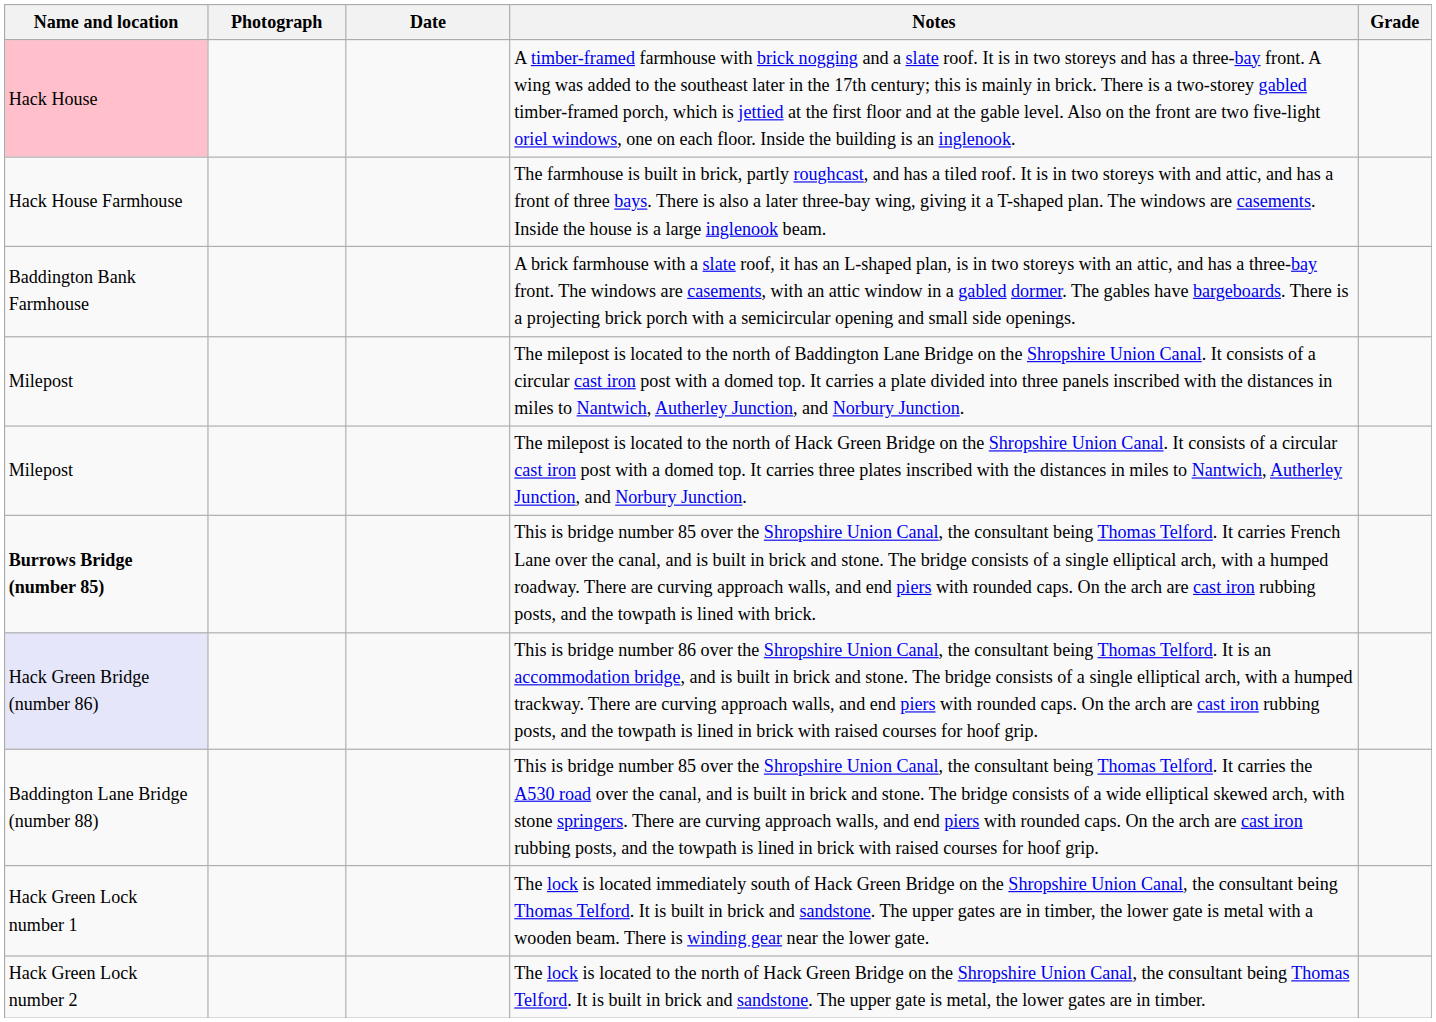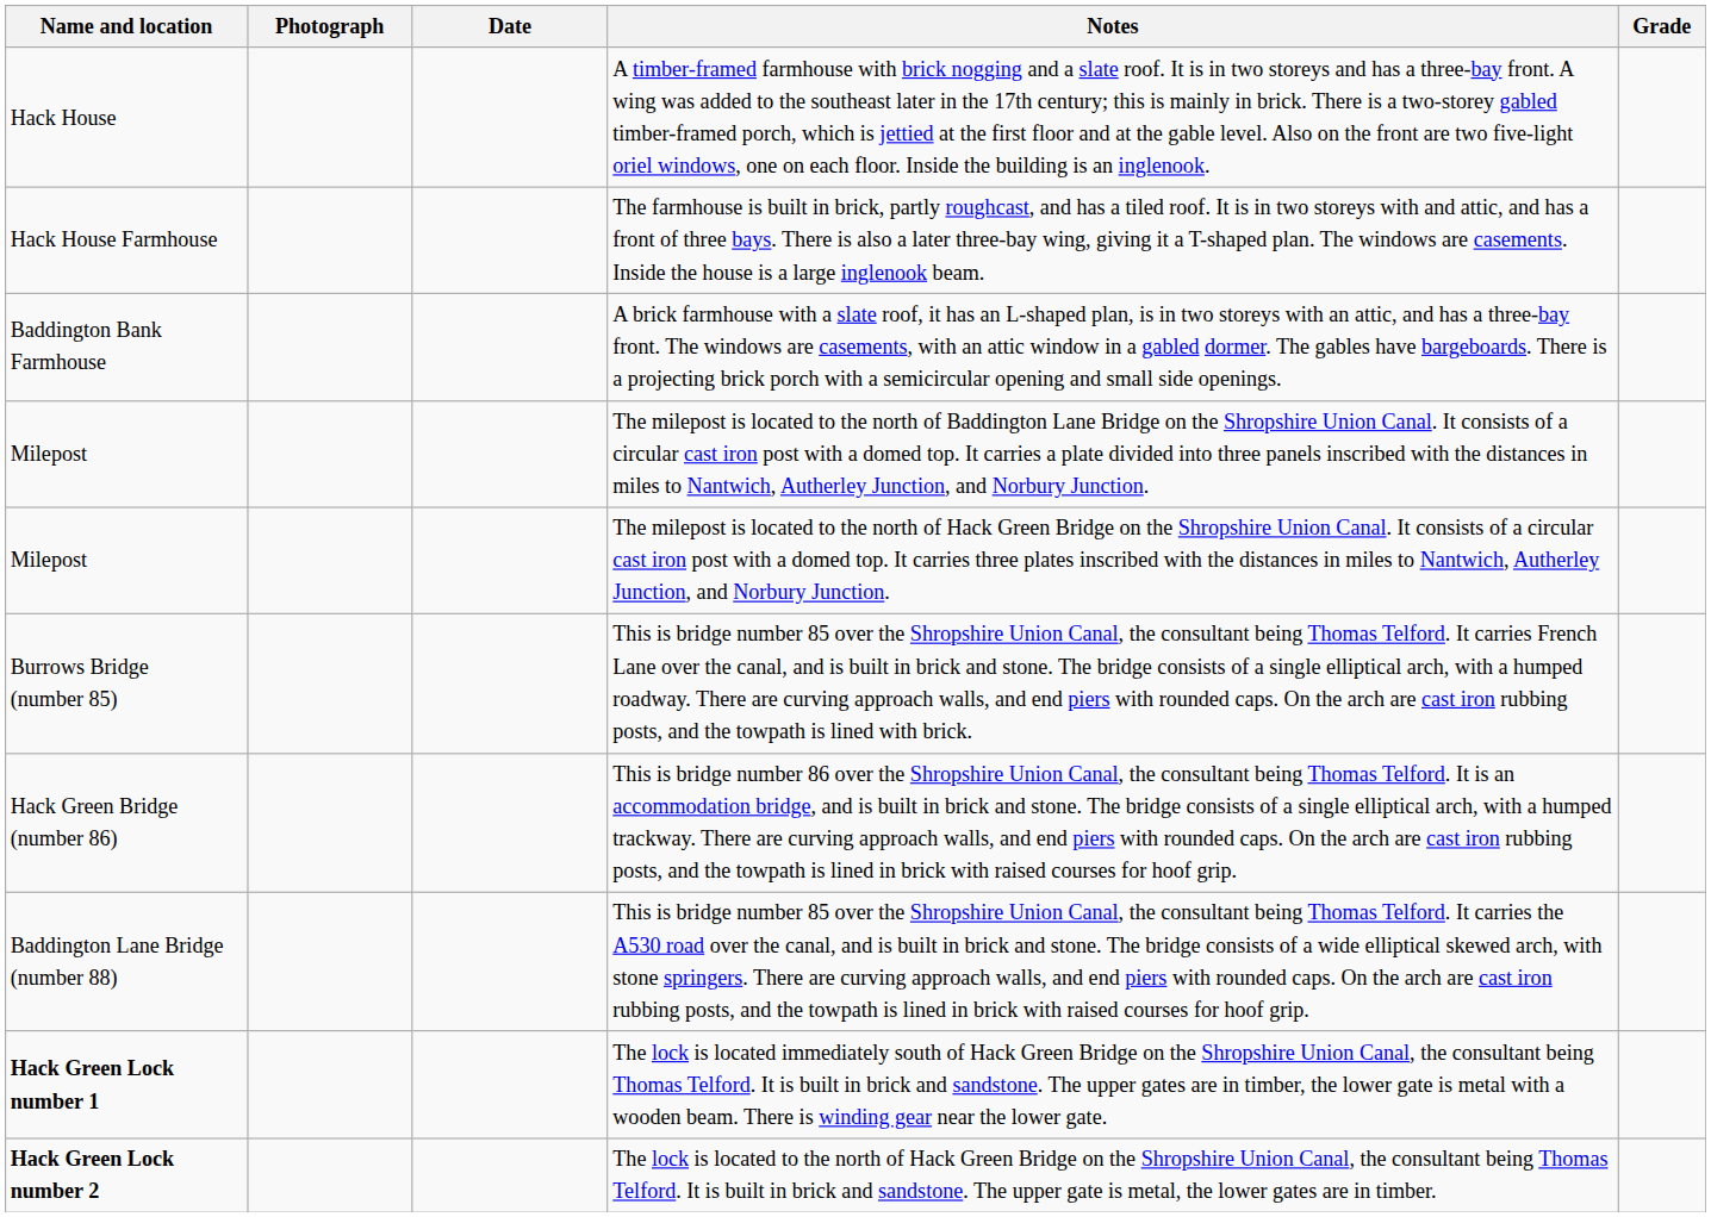 <table class="wikitable sortable plainrowheaders" style="width:100%;border:0px;text-align:left;line-height:150%;">
 <tr>
 <th scope="col"  style="width:150px">Name and location</th>
 <th scope="col"  style="width:100px" class="unsortable">Photograph</th>
 <th scope="col"  style="width:120px">Date</th>
 <th scope="col"  style="width:650px" class="unsortable">Notes</th>
 <th scope="col"  style="width:50px">Grade</th>
 </tr>
 <tr>
-<td style="background: pink;">Hack House<br><small></small></td>
+<td>Hack House<br><small></small></td>
 <td></td>
 <td align="center"></td>
 <td>A <a href='#'>timber-framed</a> farmhouse with <a href='#'>brick nogging</a> and a <a href='#'>slate</a> roof.  It is in two storeys and has a three-<a href='#'>bay</a> front.  A wing was added to the southeast later in the 17th century; this is mainly in brick.  There is a two-storey <a href='#'>gabled</a> timber-framed porch, which is <a href='#'>jettied</a> at the first floor and at the gable level.  Also on the front are two five-light <a href='#'>oriel windows</a>, one on each floor.  Inside the building is an <a href='#'>inglenook</a>.</td>
 <td align="center" ></td>
 </tr>
 <tr>
 <td>Hack House Farmhouse<br><small></small></td>
 <td></td>
 <td align="center"></td>
 <td>The farmhouse is built in brick, partly <a href='#'>roughcast</a>, and has a tiled roof.  It is in two storeys with and attic, and has a front of three <a href='#'>bays</a>.  There is also a later three-bay wing, giving it a T-shaped plan.  The windows are <a href='#'>casements</a>.  Inside the house is a large <a href='#'>inglenook</a> beam.</td>
 <td align="center" ></td>
 </tr>
 <tr>
 <td>Baddington Bank Farmhouse<br><small></small></td>
 <td></td>
 <td align="center"></td>
 <td>A brick farmhouse with a <a href='#'>slate</a> roof, it has an L-shaped plan, is in two storeys with an attic, and has a three-<a href='#'>bay</a> front.  The windows are <a href='#'>casements</a>, with an attic window in a <a href='#'>gabled</a> <a href='#'>dormer</a>.  The gables have <a href='#'>bargeboards</a>.  There is a projecting brick porch with a semicircular opening and small side openings.</td>
 <td align="center" ></td>
 </tr>
 <tr>
 <td>Milepost<br><small></small></td>
 <td></td>
 <td align="center"></td>
 <td>The milepost is located to the north of Baddington Lane Bridge on the <a href='#'>Shropshire Union Canal</a>.  It consists of a circular <a href='#'>cast iron</a> post with a domed top.  It carries a plate divided into three panels inscribed with the distances in miles to <a href='#'>Nantwich</a>, <a href='#'>Autherley Junction</a>, and <a href='#'>Norbury Junction</a>.</td>
 <td align="center" ></td>
 </tr>
 <tr>
 <td>Milepost<br><small></small></td>
 <td></td>
 <td align="center"></td>
 <td>The milepost is located to the north of Hack Green Bridge on the <a href='#'>Shropshire Union Canal</a>.  It consists of a circular <a href='#'>cast iron</a> post with a domed top.  It carries three plates inscribed with the distances in miles to <a href='#'>Nantwich</a>, <a href='#'>Autherley Junction</a>, and <a href='#'>Norbury Junction</a>.</td>
 <td align="center" ></td>
 </tr>
 <tr>
-<td><strong>Burrows Bridge<br>(number 85)<br><small></small></strong></td>
+<td>Burrows Bridge<br>(number 85)<br><small></small></td>
 <td></td>
 <td align="center"></td>
 <td>This is bridge number 85 over the <a href='#'>Shropshire Union Canal</a>, the consultant being <a href='#'>Thomas Telford</a>.  It carries French Lane over the canal, and is built in brick and stone.  The bridge consists of a single elliptical arch, with a humped roadway.  There are curving approach walls, and end <a href='#'>piers</a> with rounded caps.  On the arch are <a href='#'>cast iron</a> rubbing posts, and the towpath is lined with brick.</td>
 <td align="center" ></td>
 </tr>
 <tr>
-<td style="background: lavender;">Hack Green Bridge<br>(number 86)<br><small></small></td>
+<td>Hack Green Bridge<br>(number 86)<br><small></small></td>
 <td></td>
 <td align="center"></td>
 <td>This is bridge number 86 over the <a href='#'>Shropshire Union Canal</a>, the consultant being <a href='#'>Thomas Telford</a>.  It is an <a href='#'>accommodation bridge</a>, and is built in brick and stone.  The bridge consists of a single elliptical arch, with a humped trackway.  There are curving approach walls, and end <a href='#'>piers</a> with rounded caps.  On the arch are <a href='#'>cast iron</a> rubbing posts, and the towpath is lined in brick with raised courses for hoof grip.</td>
 <td align="center" ></td>
 </tr>
 <tr>
 <td>Baddington Lane Bridge<br>(number 88)<br><small></small></td>
 <td></td>
 <td align="center"></td>
 <td>This is bridge number 85 over the <a href='#'>Shropshire Union Canal</a>, the consultant being <a href='#'>Thomas Telford</a>.  It carries the <a href='#'>A530 road</a> over the canal, and is built in brick and stone.  The bridge consists of a wide elliptical skewed arch, with stone <a href='#'>springers</a>.  There are curving approach walls, and end <a href='#'>piers</a> with rounded caps.  On the arch are <a href='#'>cast iron</a> rubbing posts, and the towpath is lined in brick with raised courses for hoof grip.</td>
 <td align="center" ></td>
 </tr>
 <tr>
-<td>Hack Green Lock<br> number 1<br><small></small></td>
+<td><strong>Hack Green Lock<br> number 1<br><small></small></strong></td>
 <td></td>
 <td align="center"></td>
 <td>The <a href='#'>lock</a> is located immediately south of Hack Green Bridge on the <a href='#'>Shropshire Union Canal</a>, the consultant being <a href='#'>Thomas Telford</a>.  It is built in brick and <a href='#'>sandstone</a>.  The upper gates are in timber, the lower gate is metal with a wooden beam.  There is <a href='#'>winding gear</a> near the lower gate.</td>
 <td align="center" ></td>
 </tr>
 <tr>
-<td>Hack Green Lock<br> number 2<br><small></small></td>
+<td><strong>Hack Green Lock<br> number 2<br><small></small></strong></td>
 <td></td>
 <td align="center"></td>
 <td>The <a href='#'>lock</a> is located to the north of Hack Green Bridge on the <a href='#'>Shropshire Union Canal</a>, the consultant being <a href='#'>Thomas Telford</a>.  It is built in brick and <a href='#'>sandstone</a>.  The upper gate is metal, the lower gates are in timber.</td>
 <td align="center" ></td>
 </tr>
 <tr>
 </tr>
 </table>
